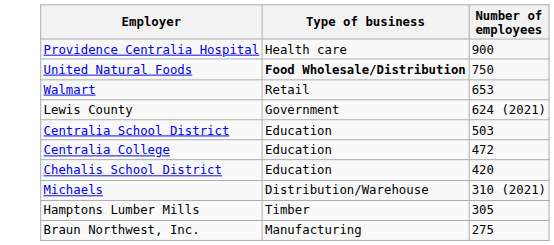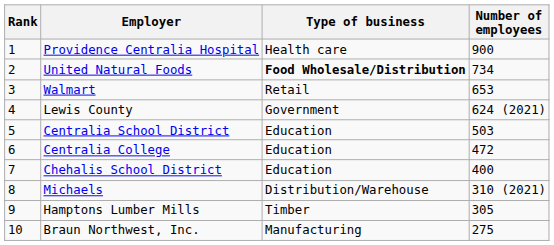 <table class="wikitable" style="float:right; clear:right;">
 <tr>
+<th>Rank</th>
 <th>Employer</th>
 <th>Type of business</th>
 <th>Number of<br>employees</th>
 </tr>
 <tr>
+<td>1</td>
 <td><a href='#'>Providence Centralia Hospital</a></td>
 <td>Health care</td>
 <td>900</td>
 </tr>
 <tr>
+<td>2</td>
 <td><a href='#'>United Natural Foods</a></td>
 <td><strong>Food Wholesale/Distribution</strong></td>
-<td>750</td>
+<td>734</td>
 </tr>
 <tr>
+<td>3</td>
 <td><a href='#'>Walmart</a></td>
 <td>Retail</td>
 <td>653</td>
 </tr>
 <tr>
+<td>4</td>
 <td>Lewis County</td>
 <td>Government</td>
 <td>624 (2021)</td>
 </tr>
 <tr>
+<td>5</td>
 <td><a href='#'>Centralia School District</a></td>
 <td>Education</td>
 <td>503</td>
 </tr>
 <tr>
+<td>6</td>
 <td><a href='#'>Centralia College</a></td>
 <td>Education</td>
 <td>472</td>
 </tr>
 <tr>
+<td>7</td>
 <td><a href='#'>Chehalis School District</a></td>
 <td>Education</td>
-<td>420</td>
+<td>400</td>
 </tr>
 <tr>
+<td>8</td>
 <td><a href='#'>Michaels</a></td>
 <td>Distribution/Warehouse</td>
 <td>310 (2021)</td>
 </tr>
 <tr>
+<td>9</td>
 <td>Hamptons Lumber Mills</td>
 <td>Timber</td>
 <td>305</td>
 </tr>
 <tr>
+<td>10</td>
 <td>Braun Northwest, Inc.</td>
 <td>Manufacturing</td>
 <td>275</td>
 </tr>
 </table>
